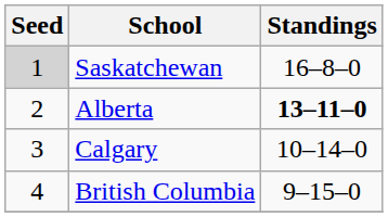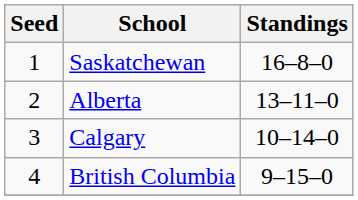 <table class="wikitable">
 <tr>
 <th>Seed</th>
 <th>School</th>
 <th>Standings</th>
 </tr>
 <tr>
-<td align=center style="background: lightgrey;">1</td>
+<td align=center>1</td>
 <td><a href='#'>Saskatchewan</a></td>
 <td align=center>16–8–0</td>
 </tr>
 <tr>
 <td align=center>2</td>
 <td><a href='#'>Alberta</a></td>
-<td align=center><strong>13–11–0</strong></td>
+<td align=center>13–11–0</td>
 </tr>
 <tr>
 <td align=center>3</td>
 <td><a href='#'>Calgary</a></td>
 <td align=center>10–14–0</td>
 </tr>
 <tr>
 <td align=center>4</td>
 <td><a href='#'>British Columbia</a></td>
 <td align=center>9–15–0</td>
 </tr>
 <tr>
 </tr>
 </table>
